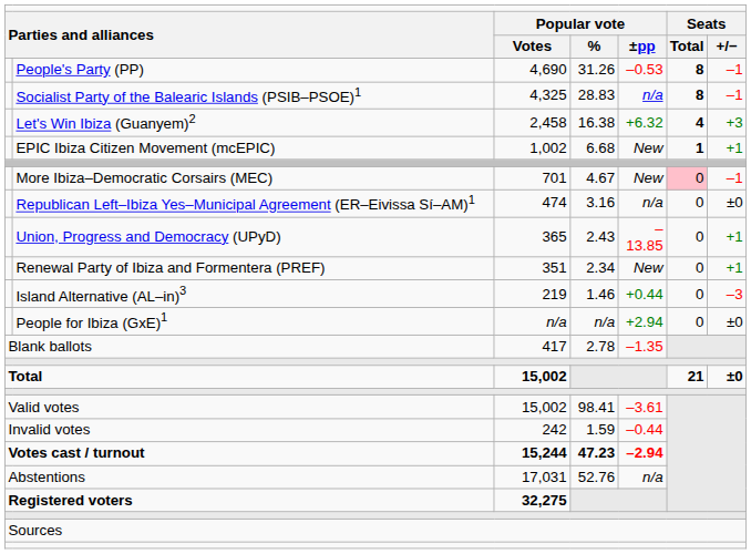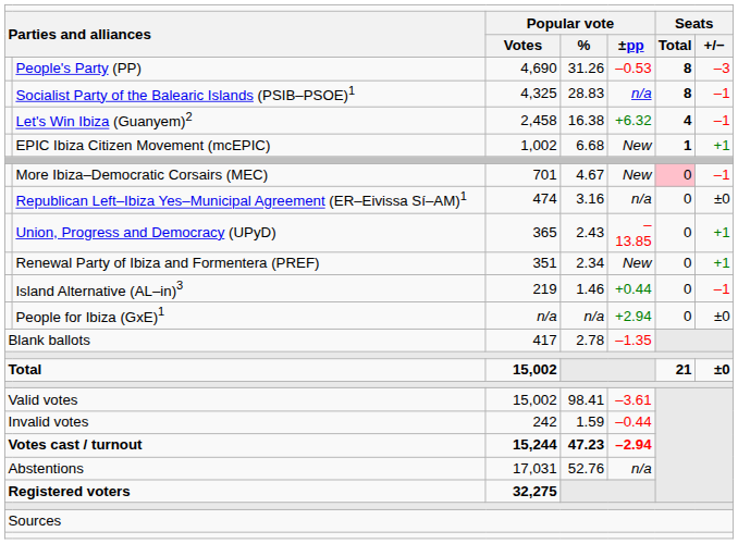 <table class="wikitable" style="text-align:right;">
 <tr>
 <td colspan="7"></td>
 </tr>
 <tr>
 <th style="text-align:left;" rowspan="2" colspan="2" width="525">Parties and alliances</th>
 <th colspan="3">Popular vote</th>
 <th colspan="2">Seats</th>
 </tr>
 <tr>
 <th width="75">Votes</th>
 <th width="45">%</th>
 <th width="45">±<a href='#'>pp</a></th>
 <th width="35">Total</th>
 <th width="35">+/−</th>
 </tr>
 <tr>
 <td width="1" style="color:inherit;background:"></td>
 <td align="left"><a href='#'>People's Party</a> (PP)</td>
 <td>4,690</td>
 <td>31.26</td>
 <td style="color:red;">–0.53</td>
 <td><strong>8</strong></td>
-<td style="color:red;">–1</td>
+<td style="color:red;">–3</td>
 </tr>
 <tr>
 <td style="color:inherit;background:"></td>
 <td align="left"><a href='#'>Socialist Party of the Balearic Islands</a> (PSIB–PSOE)<sup>1</sup></td>
 <td>4,325</td>
 <td>28.83</td>
 <td><em><a href='#'>n/a</a></em></td>
 <td><strong>8</strong></td>
 <td style="color:red;">–1</td>
 </tr>
 <tr>
 <td style="color:inherit;background:"></td>
 <td align="left"><a href='#'>Let's Win Ibiza</a> (Guanyem)<sup>2</sup></td>
 <td>2,458</td>
 <td>16.38</td>
 <td style="color:green;">+6.32</td>
 <td><strong>4</strong></td>
-<td style="color:green;">+3</td>
+<td style="color:red;">–1</td>
 </tr>
 <tr>
 <td style="color:inherit;background:"></td>
 <td align="left">EPIC Ibiza Citizen Movement (mcEPIC)</td>
 <td>1,002</td>
 <td>6.68</td>
 <td><em>New</em></td>
 <td><strong>1</strong></td>
 <td style="color:green;">+1</td>
 </tr>
 <tr>
 <td colspan="7" bgcolor="#C0C0C0"></td>
 </tr>
 <tr>
 <td style="color:inherit;background:"></td>
 <td align="left">More Ibiza–Democratic Corsairs (MEC)</td>
 <td>701</td>
 <td>4.67</td>
 <td><em>New</em></td>
 <td style="background: pink;">0</td>
 <td style="color:red;">–1</td>
 </tr>
 <tr>
 <td style="color:inherit;background:"></td>
 <td align="left"><a href='#'>Republican Left–Ibiza Yes–Municipal Agreement</a> (ER–Eivissa Sí–AM)<sup>1</sup></td>
 <td>474</td>
 <td>3.16</td>
 <td><em>n/a</em></td>
 <td>0</td>
 <td>±0</td>
 </tr>
 <tr>
 <td style="color:inherit;background:"></td>
 <td align="left"><a href='#'>Union, Progress and Democracy</a> (UPyD)</td>
 <td>365</td>
 <td>2.43</td>
 <td style="color:red;">–13.85</td>
 <td>0</td>
 <td style="color:green;">+1</td>
 </tr>
 <tr>
 <td style="color:inherit;background:"></td>
 <td align="left">Renewal Party of Ibiza and Formentera (PREF)</td>
 <td>351</td>
 <td>2.34</td>
 <td><em>New</em></td>
 <td>0</td>
 <td style="color:green;">+1</td>
 </tr>
 <tr>
 <td style="color:inherit;background:"></td>
 <td align="left">Island Alternative (AL–in)<sup>3</sup></td>
 <td>219</td>
 <td>1.46</td>
 <td style="color:green;">+0.44</td>
 <td>0</td>
-<td style="color:red;">–3</td>
+<td style="color:red;">–1</td>
 </tr>
 <tr>
 <td style="color:inherit;background:"></td>
 <td align="left">People for Ibiza (GxE)<sup>1</sup></td>
 <td><em>n/a</em></td>
 <td><em>n/a</em></td>
 <td style="color:green;">+2.94</td>
 <td>0</td>
 <td>±0</td>
 </tr>
 <tr>
 <td align="left" colspan="2">Blank ballots</td>
 <td>417</td>
 <td>2.78</td>
 <td style="color:red;">–1.35</td>
 <td bgcolor="#E9E9E9" colspan="2"></td>
 </tr>
 <tr>
 <td colspan="7" bgcolor="#E9E9E9"></td>
 </tr>
 <tr style="font-weight:bold;">
 <td align="left" colspan="2">Total</td>
 <td>15,002</td>
 <td bgcolor="#E9E9E9" colspan="2"></td>
 <td>21</td>
 <td>±0</td>
 </tr>
 <tr>
 <td colspan="7" bgcolor="#E9E9E9"></td>
 </tr>
 <tr>
 <td align="left" colspan="2">Valid votes</td>
 <td>15,002</td>
 <td>98.41</td>
 <td style="color:red;">–3.61</td>
 <td bgcolor="#E9E9E9" colspan="2" rowspan="5"></td>
 </tr>
 <tr>
 <td align="left" colspan="2">Invalid votes</td>
 <td>242</td>
 <td>1.59</td>
 <td style="color:red;">–0.44</td>
 </tr>
 <tr style="font-weight:bold;">
 <td align="left" colspan="2">Votes cast / turnout</td>
 <td>15,244</td>
 <td>47.23</td>
 <td style="color:red;">–2.94</td>
 </tr>
 <tr>
 <td align="left" colspan="2">Abstentions</td>
 <td>17,031</td>
 <td>52.76</td>
 <td><em>n/a</em></td>
 </tr>
 <tr style="font-weight:bold;">
 <td align="left" colspan="2">Registered voters</td>
 <td>32,275</td>
 <td bgcolor="#E9E9E9" colspan="2"></td>
 </tr>
 <tr>
 <td colspan="7" bgcolor="#E9E9E9"></td>
 </tr>
 <tr>
 <td align="left" colspan="7">Sources</td>
 </tr>
 <tr>
 <td colspan="7" style="text-align:left; max-width:790px;"></td>
 </tr>
 </table>
